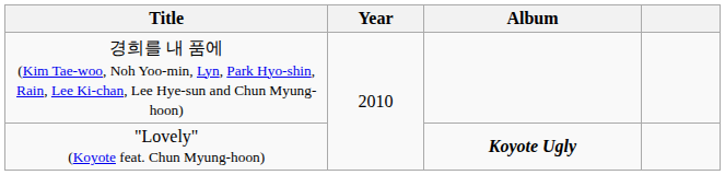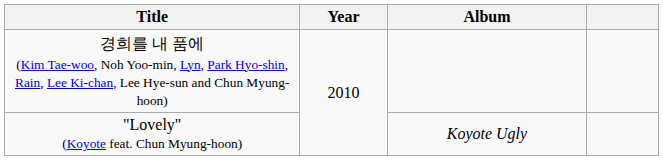 <table class="wikitable" style="text-align:center;">
 <tr>
 <th style="width:18em;">Title</th>
 <th style="width:5em;">Year</th>
 <th style="width:12em;">Album</th>
 <th style="width:4em;"></th>
 </tr>
 <tr>
 <td>경희를 내 품에<br><small>(<a href='#'>Kim Tae-woo</a>, Noh Yoo-min, <a href='#'>Lyn</a>, <a href='#'>Park Hyo-shin</a>, <a href='#'>Rain</a>, <a href='#'>Lee Ki-chan</a>, Lee Hye-sun and Chun Myung-hoon)</small></td>
 <td rowspan="2">2010</td>
 <td></td>
 <td></td>
 </tr>
 <tr>
 <td>"Lovely"<br><small>(<a href='#'>Koyote</a> feat. Chun Myung-hoon)</small></td>
-<td><strong><em>Koyote Ugly</em></strong></td>
+<td><em>Koyote Ugly</em></td>
 <td></td>
 </tr>
 </table>
